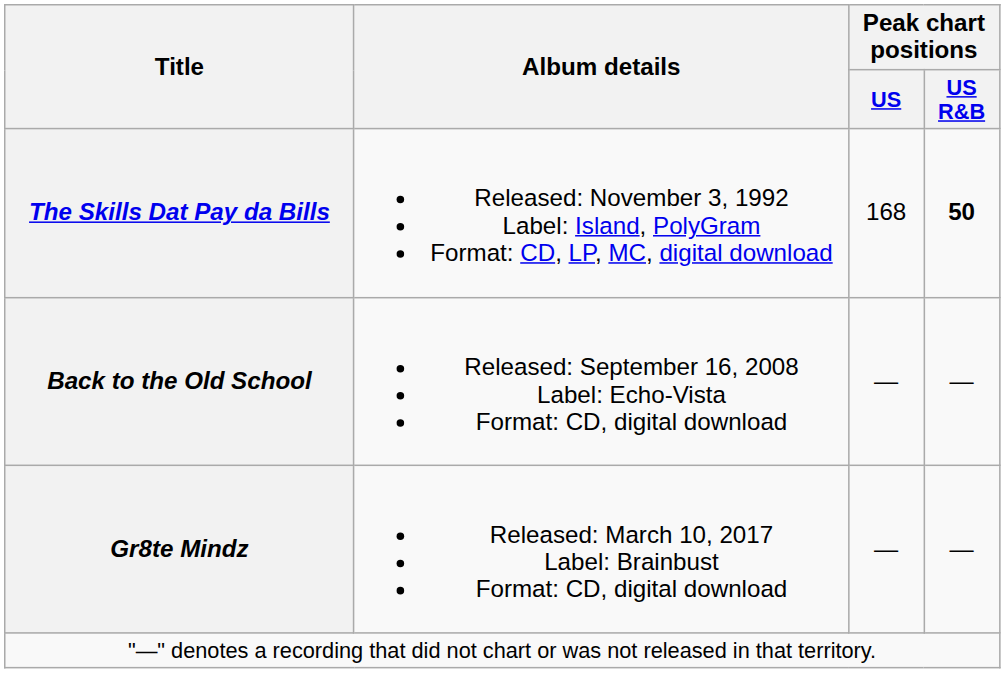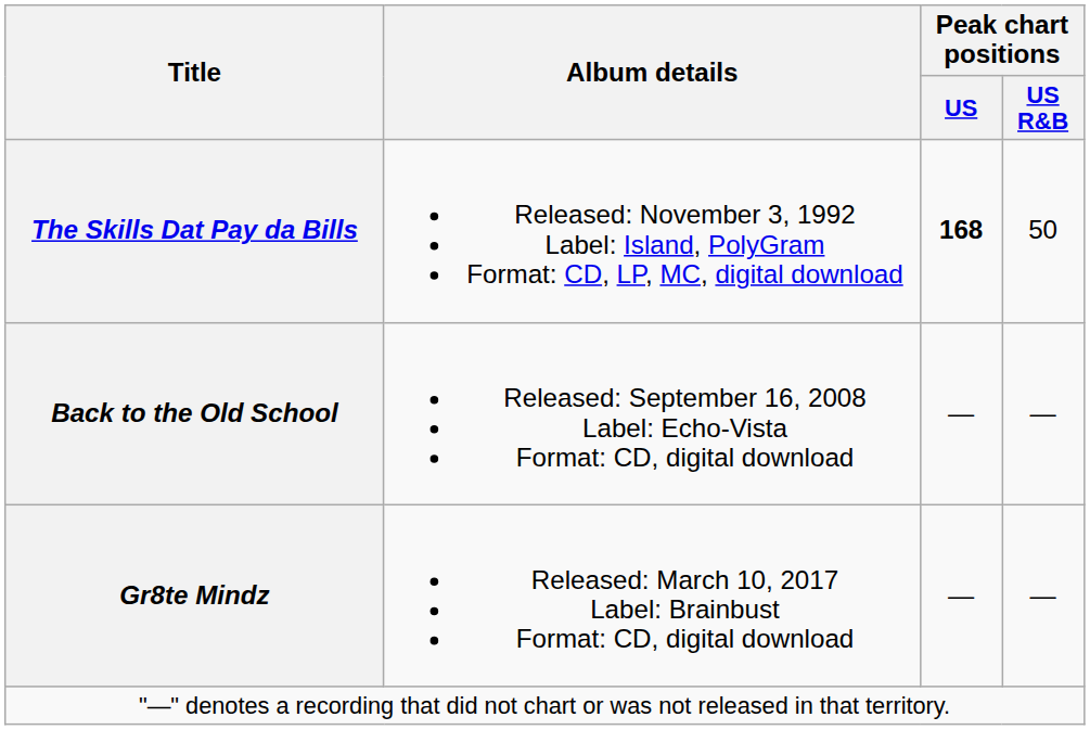 <table class="wikitable plainrowheaders" style="text-align:center;">
 <tr>
 <th scope="col" rowspan="2" style="width:14em;">Title</th>
 <th scope="col" rowspan="2" style="width:20em;">Album details</th>
 <th scope="col" colspan="2">Peak chart positions</th>
 </tr>
 <tr>
 <th scope="col" style="width:3em;font-size:90%;"><a href='#'>US</a><br></th>
 <th scope="col" style="width:3em;font-size:90%;"><a href='#'>US<br>R&B</a><br></th>
 </tr>
 <tr>
 <th scope="row"><em><a href='#'>The Skills Dat Pay da Bills</a></em></th>
 <td><br><ul><li>Released: November 3, 1992</li><li>Label: <a href='#'>Island</a>, <a href='#'>PolyGram</a></li><li>Format: <a href='#'>CD</a>, <a href='#'>LP</a>, <a href='#'>MC</a>, <a href='#'>digital download</a></li></ul></td>
-<td>168</td>
-<td><strong>50</strong></td>
+<td><strong>168</strong></td>
+<td>50</td>
 </tr>
 <tr>
 <th scope="row"><em>Back to the Old School</em><br></th>
 <td><br><ul><li>Released: September 16, 2008</li><li>Label: Echo-Vista</li><li>Format: CD, digital download</li></ul></td>
 <td>—</td>
 <td>—</td>
 </tr>
 <tr>
 <th scope="row"><em>Gr8te Mindz</em><br></th>
 <td><br><ul><li>Released: March 10, 2017</li><li>Label: Brainbust</li><li>Format: CD, digital download</li></ul></td>
 <td>—</td>
 <td>—</td>
 </tr>
 <tr>
 <td colspan="14" style="font-size:90%">"—" denotes a recording that did not chart or was not released in that territory.</td>
 </tr>
 </table>
